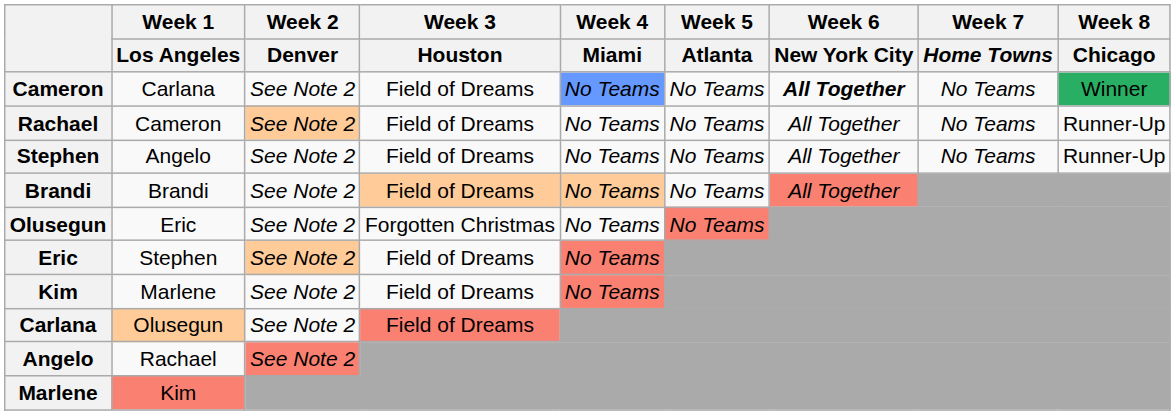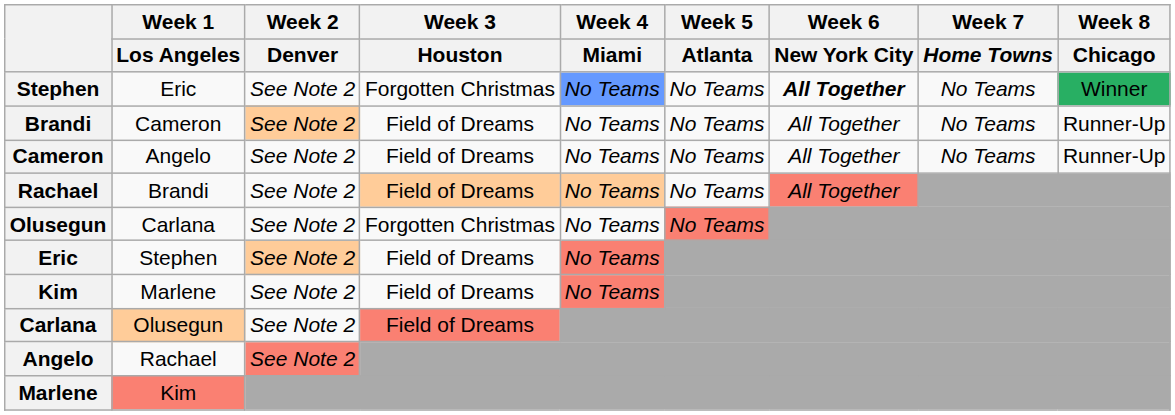 <table class="wikitable" style="font-size:88%; text-align:center;">
 <tr>
 <th rowspan=2></th>
 <th>Week 1</th>
 <th>Week 2</th>
 <th>Week 3</th>
 <th>Week 4</th>
 <th>Week 5</th>
 <th>Week 6</th>
 <th>Week 7</th>
 <th>Week 8</th>
 </tr>
 <tr>
 <th>Los Angeles</th>
 <th>Denver</th>
 <th>Houston</th>
 <th>Miami</th>
 <th>Atlanta</th>
 <th>New York City</th>
 <th><em>Home Towns</em></th>
 <th>Chicago</th>
 </tr>
 <tr>
-<th>Cameron</th>
-<td>Carlana</td>
+<th>Stephen</th>
+<td>Eric</td>
 <td><em>See Note 2</em></td>
-<td>Field of Dreams</td>
+<td>Forgotten Christmas</td>
 <td style="background:#6599FF; text-align:center"><em>No Teams</em></td>
 <td><em>No Teams</em></td>
 <td><strong><em>All Together</em></strong></td>
 <td><em>No Teams</em></td>
 <td style="background:#28AF63; text-align:center">Winner</td>
 </tr>
 <tr>
-<th>Rachael</th>
+<th>Brandi</th>
 <td>Cameron</td>
 <td style="background:#FFCC99; text-align:center"><em>See Note 2</em></td>
 <td>Field of Dreams</td>
 <td><em>No Teams</em></td>
 <td><em>No Teams</em></td>
 <td><em>All Together</em></td>
 <td><em>No Teams</em></td>
 <td>Runner-Up</td>
 </tr>
 <tr>
-<th>Stephen</th>
+<th>Cameron</th>
 <td>Angelo</td>
 <td><em>See Note 2</em></td>
 <td>Field of Dreams</td>
 <td><em>No Teams</em></td>
 <td><em>No Teams</em></td>
 <td><em>All Together</em></td>
 <td><em>No Teams</em></td>
 <td>Runner-Up</td>
 </tr>
 <tr>
-<th>Brandi</th>
+<th>Rachael</th>
 <td>Brandi</td>
 <td><em>See Note 2</em></td>
 <td style="background:#FFCC99; text-align:center">Field of Dreams</td>
 <td style="background:#FFCC99; text-align:center"><em>No Teams</em></td>
 <td><em>No Teams</em></td>
 <td style="background:#fa8072; text-align:center"><em>All Together</em></td>
 <td colspan=3 style="background:#AAAAAA"></td>
 </tr>
 <tr>
 <th>Olusegun</th>
-<td>Eric</td>
+<td>Carlana</td>
 <td><em>See Note 2</em></td>
 <td>Forgotten Christmas</td>
 <td><em>No Teams</em></td>
 <td style="background:#fa8072; text-align:center"><em>No Teams</em></td>
 <td colspan=3 style="background:#AAAAAA"></td>
 </tr>
 <tr>
 <th>Eric</th>
 <td>Stephen</td>
 <td style="background:#FFCC99; text-align:center"><em>See Note 2</em></td>
 <td>Field of Dreams</td>
 <td style="background:#fa8072; text-align:center"><em>No Teams</em></td>
 <td colspan=5 style="background:#AAAAAA"></td>
 </tr>
 <tr>
 <th>Kim</th>
 <td>Marlene</td>
 <td><em>See Note 2</em></td>
 <td>Field of Dreams</td>
 <td style="background:#fa8072; text-align:center"><em>No Teams</em></td>
 <td colspan=5 style="background:#AAAAAA"></td>
 </tr>
 <tr>
 <th>Carlana</th>
 <td style="background:#FFCC99; text-align:center">Olusegun</td>
 <td><em>See Note 2</em></td>
 <td style="background:#fa8072; text-align:center">Field of Dreams</td>
 <td colspan=5 style="background:#AAAAAA"></td>
 </tr>
 <tr>
 <th>Angelo</th>
 <td>Rachael</td>
 <td style="background:#fa8072; text-align:center"><em>See Note 2</em></td>
 <td colspan=6 style="background:#AAAAAA"></td>
 </tr>
 <tr>
 <th>Marlene</th>
 <td style="background:#fa8072; text-align:center">Kim</td>
 <td colspan=7 style="background:#AAAAAA"></td>
 </tr>
 </table>
